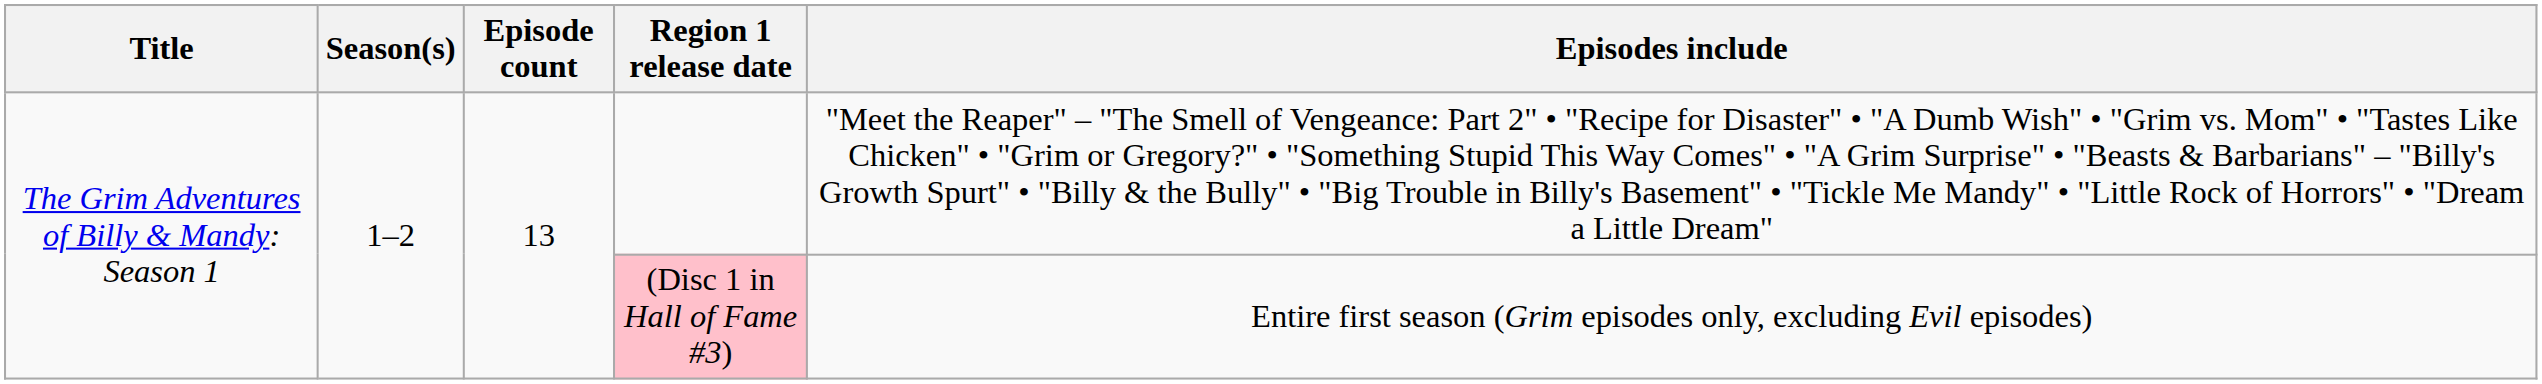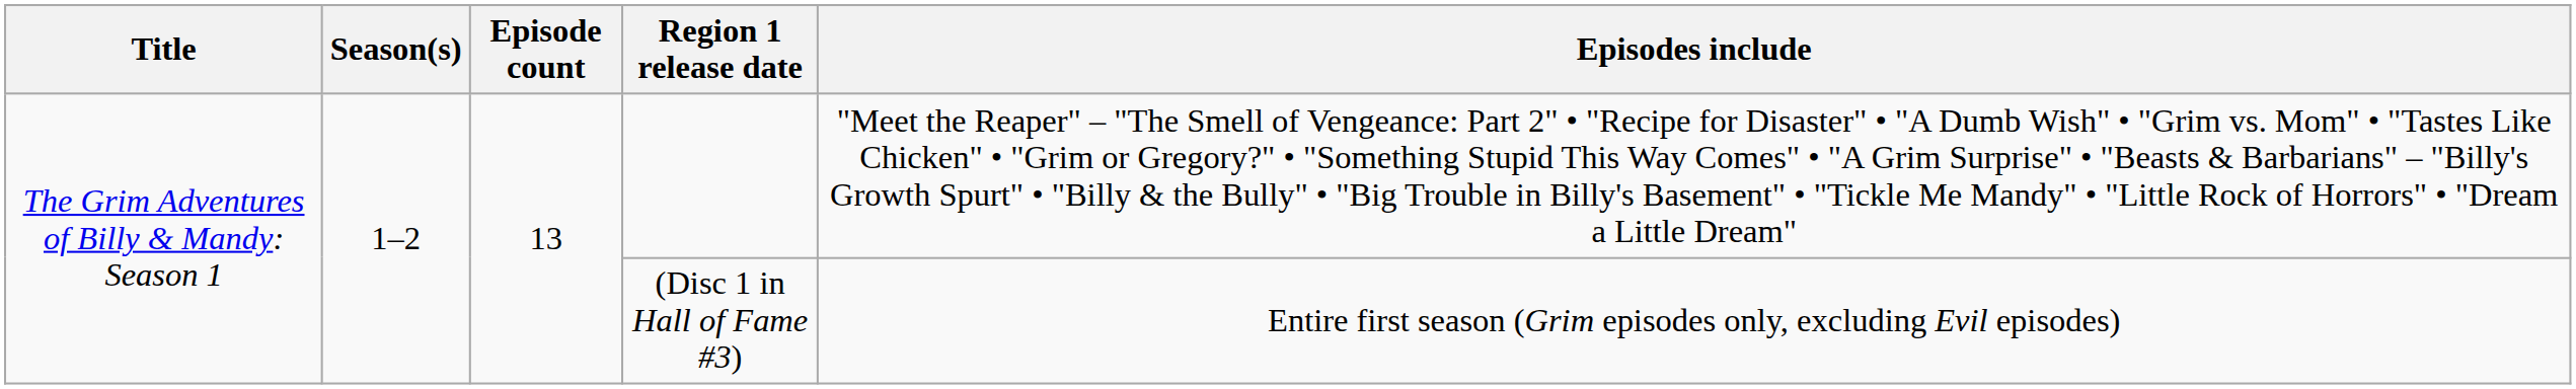 <table class="wikitable" style="text-align: center">
 <tr>
 <th>Title</th>
 <th>Season(s)</th>
 <th>Episode count</th>
 <th>Region 1 release date</th>
 <th>Episodes include</th>
 </tr>
 <tr>
 <td rowspan=2><em><a href='#'>The Grim Adventures of Billy & Mandy</a>: Season 1</em></td>
 <td rowspan=2>1–2</td>
 <td rowspan=2>13</td>
 <td></td>
 <td>"Meet the Reaper" – "The Smell of Vengeance: Part 2" • "Recipe for Disaster" • "A Dumb Wish" • "Grim vs. Mom" • "Tastes Like Chicken" • "Grim or Gregory?" • "Something Stupid This Way Comes" • "A Grim Surprise" • "Beasts & Barbarians" – "Billy's Growth Spurt" • "Billy & the Bully" • "Big Trouble in Billy's Basement" • "Tickle Me Mandy" • "Little Rock of Horrors" • "Dream a Little Dream"</td>
 </tr>
 <tr>
-<td style="background: pink;"> (Disc 1 in <em>Hall of Fame #3</em>)</td>
+<td> (Disc 1 in <em>Hall of Fame #3</em>)</td>
 <td>Entire first season (<em>Grim</em> episodes only, excluding <em>Evil</em> episodes)</td>
 </tr>
 </table>
